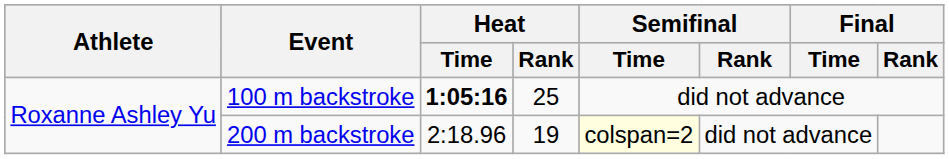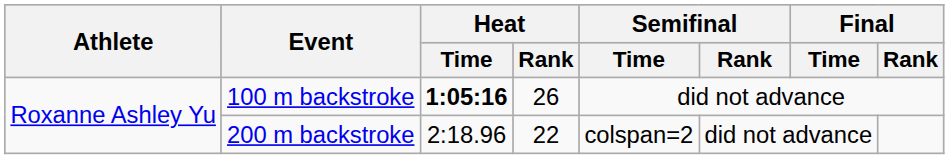 <table class=wikitable style="font-size:90%">
 <tr>
 <th rowspan=2>Athlete</th>
 <th rowspan=2>Event</th>
 <th colspan="2">Heat</th>
 <th colspan="2">Semifinal</th>
 <th colspan="2">Final</th>
 </tr>
 <tr style="font-size:95%">
 <th>Time</th>
 <th>Rank</th>
 <th>Time</th>
 <th>Rank</th>
 <th>Time</th>
 <th>Rank</th>
 </tr>
 <tr align=center>
 <td align=left rowspan=2><a href='#'>Roxanne Ashley Yu</a></td>
 <td align=left><a href='#'>100 m backstroke</a></td>
 <td><strong>1:05:16</strong></td>
-<td>25</td>
+<td>26</td>
 <td colspan=4>did not advance</td>
 </tr>
 <tr align=center>
 <td align=left><a href='#'>200 m backstroke</a></td>
 <td>2:18.96</td>
-<td>19</td>
-<td style="background: lightyellow;">colspan=2 </td>
+<td>22</td>
+<td>colspan=2 </td>
 <td colspan=2>did not advance</td>
 </tr>
 </table>
